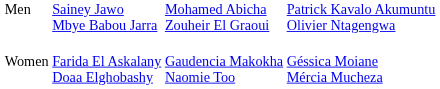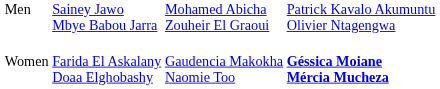 <table>
 <tr>
 <td>Men<br></td>
 <td><br><a href='#'>Sainey Jawo</a><br><a href='#'>Mbye Babou Jarra</a></td>
 <td><br><a href='#'>Mohamed Abicha</a><br><a href='#'>Zouheir El Graoui</a></td>
 <td><br><a href='#'>Patrick Kavalo Akumuntu</a><br><a href='#'>Olivier Ntagengwa</a></td>
 </tr>
 <tr>
 <td>Women<br></td>
 <td><br><a href='#'>Farida El Askalany</a><br><a href='#'>Doaa Elghobashy</a></td>
 <td><br><a href='#'>Gaudencia Makokha</a><br><a href='#'>Naomie Too</a></td>
-<td><br><a href='#'>Géssica Moiane</a><br><a href='#'>Mércia Mucheza</a></td>
+<td><strong><br><a href='#'>Géssica Moiane</a><br><a href='#'>Mércia Mucheza</a></strong></td>
 </tr>
 </table>
